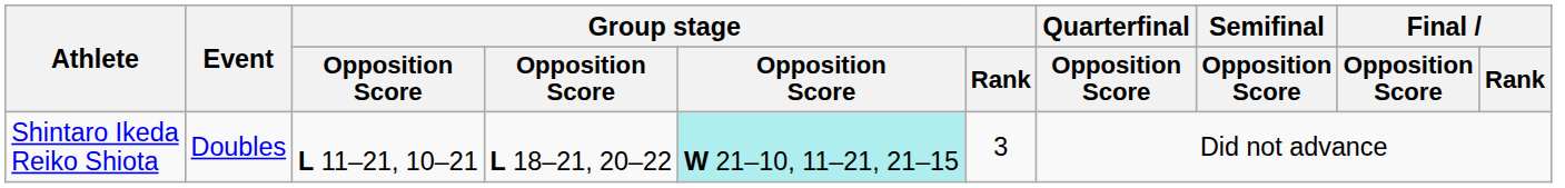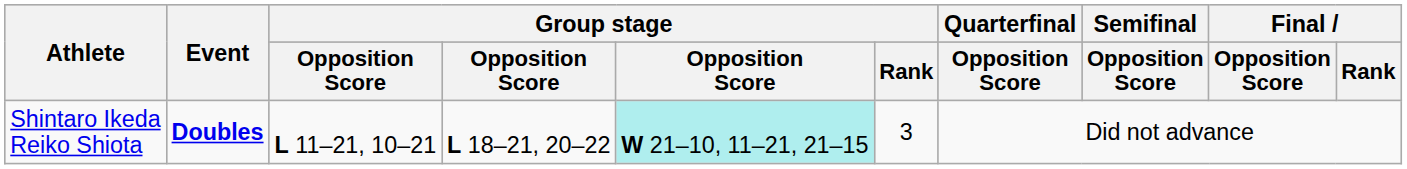 <table class="wikitable" style="font-size:90%">
 <tr>
 <th rowspan=2>Athlete</th>
 <th rowspan=2>Event</th>
 <th colspan=4>Group stage</th>
 <th>Quarterfinal</th>
 <th>Semifinal</th>
 <th colspan=2>Final / </th>
 </tr>
 <tr style="font-size:95%">
 <th>Opposition<br>Score</th>
 <th>Opposition<br>Score</th>
 <th>Opposition<br>Score</th>
 <th>Rank</th>
 <th>Opposition<br>Score</th>
 <th>Opposition<br>Score</th>
 <th>Opposition<br>Score</th>
 <th>Rank</th>
 </tr>
 <tr align=center>
 <td align=left><a href='#'>Shintaro Ikeda</a><br><a href='#'>Reiko Shiota</a></td>
-<td align=left><a href='#'>Doubles</a></td>
+<td align=left><strong><a href='#'>Doubles</a></strong></td>
 <td><br><strong>L</strong> 11–21, 10–21</td>
 <td><br><strong>L</strong> 18–21, 20–22</td>
 <td style="background: paleturquoise;"><br><strong>W</strong> 21–10, 11–21, 21–15</td>
 <td>3</td>
 <td colspan=4>Did not advance</td>
 </tr>
 </table>
